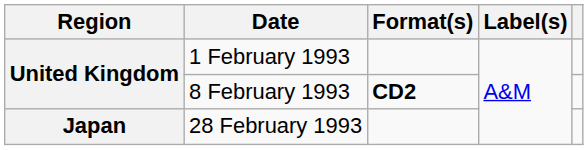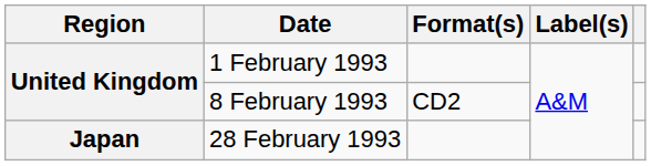 <table class="wikitable plainrowheaders">
 <tr>
 <th scope="col">Region</th>
 <th scope="col">Date</th>
 <th scope="col">Format(s)</th>
 <th scope="col">Label(s)</th>
 <th scope="col"></th>
 </tr>
 <tr>
 <th scope="row" rowspan="2">United Kingdom</th>
 <td>1 February 1993</td>
 <td></td>
 <td rowspan="3"><a href='#'>A&M</a></td>
 <td align="center"></td>
 </tr>
 <tr>
 <td>8 February 1993</td>
-<td><strong>CD2</strong></td>
+<td>CD2</td>
 <td align="center"></td>
 </tr>
 <tr>
 <th scope="row">Japan</th>
 <td>28 February 1993</td>
 <td></td>
 <td align="center"></td>
 </tr>
 </table>
